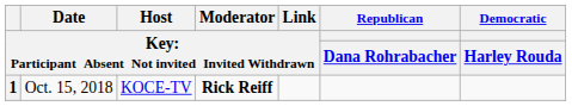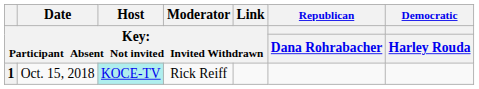 <table class="wikitable" style="text-align:center;">
 <tr>
 <th scope="col"></th>
 <th scope="col">Date</th>
 <th scope="col">Host</th>
 <th scope="col">Moderator</th>
 <th scope="col">Link</th>
 <th scope="col"><small><a href='#'>Republican</a></small></th>
 <th scope="col"><small><a href='#'>Democratic</a></small></th>
 </tr>
 <tr>
 <th colspan="5" rowspan="2">Key:<br> <small>Participant </small>  <small>Absent </small>  <small>Not invited </small>  <small>Invited  Withdrawn</small></th>
 <th scope="col" style="background:"></th>
 <th scope="col" style="background:"></th>
 </tr>
 <tr>
 <th scope="col"><a href='#'>Dana Rohrabacher</a></th>
 <th scope="col"><a href='#'>Harley Rouda</a></th>
 </tr>
 <tr>
 <th>1</th>
 <td style="white-space:nowrap;">Oct. 15, 2018</td>
-<td style="white-space:nowrap;"><a href='#'>KOCE-TV</a></td>
-<td style="white-space:nowrap;"><strong>Rick Reiff</strong></td>
+<td style="background: paleturquoise; white-space:nowrap;"><a href='#'>KOCE-TV</a></td>
+<td style="white-space:nowrap;">Rick Reiff</td>
 <td style="white-space:nowrap;"></td>
 <td></td>
 <td></td>
 </tr>
 </table>
